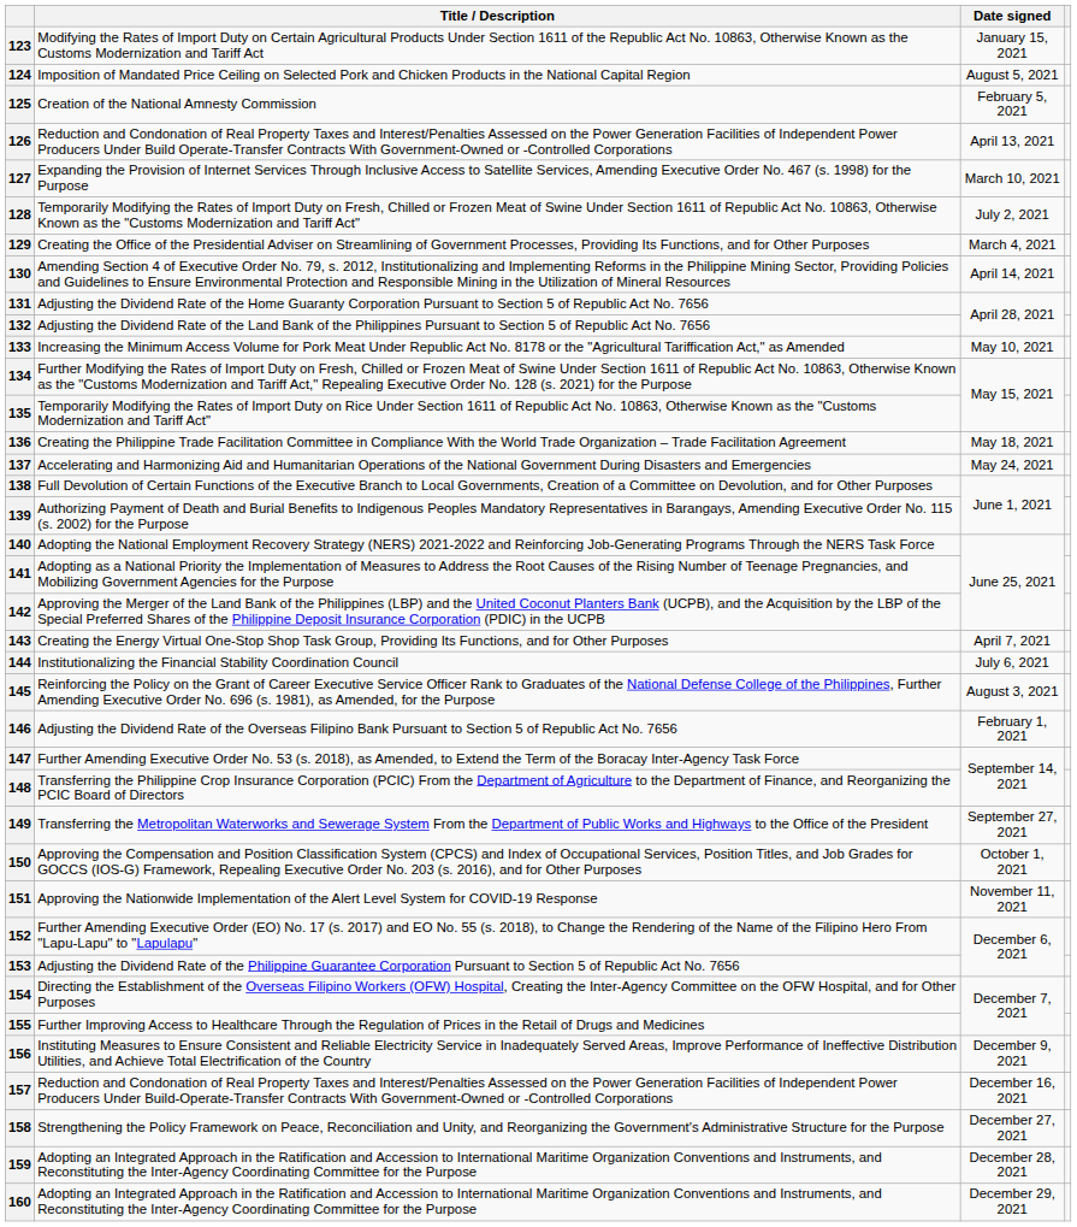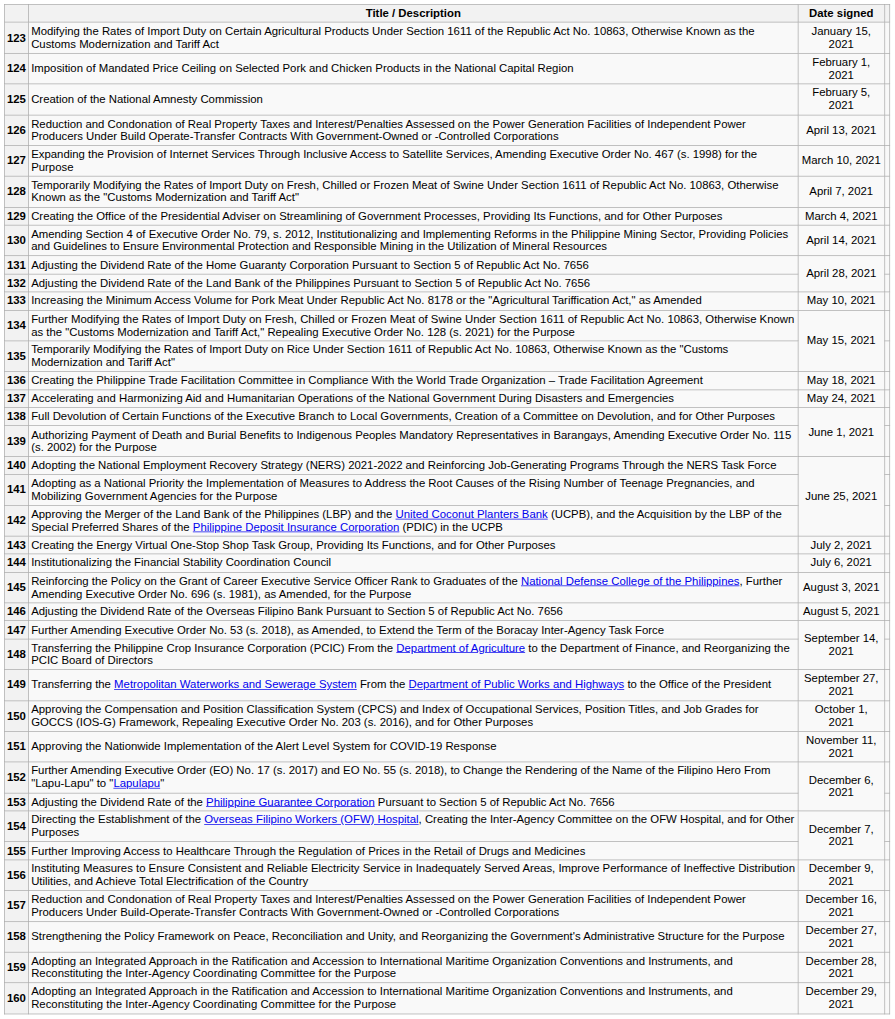 <table class="wikitable sortable" style="text-align:center;">
 <tr>
 <th scope="col"></th>
 <th scope="col">Title / Description</th>
 <th scope="col">Date signed</th>
 <th scope="col" class="unsortable"></th>
 </tr>
 <tr>
 <th scope="row">123</th>
 <td style='text-align:left;'>Modifying the Rates of Import Duty on Certain Agricultural Products Under Section 1611 of the Republic Act No. 10863, Otherwise Known as the Customs Modernization and Tariff Act</td>
 <td>January 15, 2021</td>
 <td></td>
 </tr>
 <tr>
 <th scope="row">124</th>
 <td style='text-align:left;'>Imposition of Mandated Price Ceiling on Selected Pork and Chicken Products in the National Capital Region</td>
-<td>August 5, 2021</td>
+<td>February 1, 2021</td>
 <td></td>
 </tr>
 <tr>
 <th scope="row">125</th>
 <td style='text-align:left;'>Creation of the National Amnesty Commission</td>
 <td>February 5, 2021</td>
 <td></td>
 </tr>
 <tr>
 <th scope="row">126</th>
 <td style='text-align:left;'>Reduction and Condonation of Real Property Taxes and Interest/Penalties Assessed on the Power Generation Facilities of Independent Power Producers Under Build Operate-Transfer Contracts With Government-Owned or -Controlled Corporations</td>
 <td>April 13, 2021</td>
 <td></td>
 </tr>
 <tr>
 <th scope="row">127</th>
 <td style='text-align:left;'>Expanding the Provision of Internet Services Through Inclusive Access to Satellite Services, Amending Executive Order No. 467 (s. 1998) for the Purpose</td>
 <td>March 10, 2021</td>
 <td></td>
 </tr>
 <tr>
 <th scope="row">128</th>
 <td style='text-align:left;'>Temporarily Modifying the Rates of Import Duty on Fresh, Chilled or Frozen Meat of Swine Under Section 1611 of Republic Act No. 10863, Otherwise Known as the "Customs Modernization and Tariff Act"</td>
-<td>July 2, 2021</td>
+<td>April 7, 2021</td>
 <td></td>
 </tr>
 <tr>
 <th scope="row">129</th>
 <td style='text-align:left;'>Creating the Office of the Presidential Adviser on Streamlining of Government Processes, Providing Its Functions, and for Other Purposes</td>
 <td>March 4, 2021</td>
 <td></td>
 </tr>
 <tr>
 <th scope="row">130</th>
 <td style='text-align:left;'>Amending Section 4 of Executive Order No. 79, s. 2012, Institutionalizing and Implementing Reforms in the Philippine Mining Sector, Providing Policies and Guidelines to Ensure Environmental Protection and Responsible Mining in the Utilization of Mineral Resources</td>
 <td>April 14, 2021</td>
 <td></td>
 </tr>
 <tr>
 <th scope="row">131</th>
 <td style='text-align:left;'>Adjusting the Dividend Rate of the Home Guaranty Corporation Pursuant to Section 5 of Republic Act No. 7656</td>
 <td rowspan="2">April 28, 2021</td>
 <td></td>
 </tr>
 <tr>
 <th scope="row">132</th>
 <td style='text-align:left;'>Adjusting the Dividend Rate of the Land Bank of the Philippines Pursuant to Section 5 of Republic Act No. 7656</td>
 <td></td>
 </tr>
 <tr>
 <th scope="row">133</th>
 <td style='text-align:left;'>Increasing the Minimum Access Volume for Pork Meat Under Republic Act No. 8178 or the "Agricultural Tariffication Act," as Amended</td>
 <td>May 10, 2021</td>
 <td></td>
 </tr>
 <tr>
 <th scope="row">134</th>
 <td style='text-align:left;'>Further Modifying the Rates of Import Duty on Fresh, Chilled or Frozen Meat of Swine Under Section 1611 of Republic Act No. 10863, Otherwise Known as the "Customs Modernization and Tariff Act," Repealing Executive Order No. 128 (s. 2021) for the Purpose</td>
 <td rowspan="2">May 15, 2021</td>
 <td></td>
 </tr>
 <tr>
 <th scope="row">135</th>
 <td style='text-align:left;'>Temporarily Modifying the Rates of Import Duty on Rice Under Section 1611 of Republic Act No. 10863, Otherwise Known as the "Customs Modernization and Tariff Act"</td>
 <td></td>
 </tr>
 <tr>
 <th scope="row">136</th>
 <td style='text-align:left;'>Creating the Philippine Trade Facilitation Committee in Compliance With the World Trade Organization – Trade Facilitation Agreement</td>
 <td>May 18, 2021</td>
 <td></td>
 </tr>
 <tr>
 <th scope="row">137</th>
 <td style='text-align:left;'>Accelerating and Harmonizing Aid and Humanitarian Operations of the National Government During Disasters and Emergencies</td>
 <td>May 24, 2021</td>
 <td></td>
 </tr>
 <tr>
 <th scope="row">138</th>
 <td style='text-align:left;'>Full Devolution of Certain Functions of the Executive Branch to Local Governments, Creation of a Committee on Devolution, and for Other Purposes</td>
 <td rowspan="2">June 1, 2021</td>
 <td></td>
 </tr>
 <tr>
 <th scope="row">139</th>
 <td style='text-align:left;'>Authorizing Payment of Death and Burial Benefits to Indigenous Peoples Mandatory Representatives in Barangays, Amending Executive Order No. 115 (s. 2002) for the Purpose</td>
 <td></td>
 </tr>
 <tr>
 <th scope="row">140</th>
 <td style='text-align:left;'>Adopting the National Employment Recovery Strategy (NERS) 2021-2022 and Reinforcing Job-Generating Programs Through the NERS Task Force</td>
 <td rowspan="3">June 25, 2021</td>
 <td></td>
 </tr>
 <tr>
 <th scope="row">141</th>
 <td style='text-align:left;'>Adopting as a National Priority the Implementation of Measures to Address the Root Causes of the Rising Number of Teenage Pregnancies, and Mobilizing Government Agencies for the Purpose</td>
 <td></td>
 </tr>
 <tr>
 <th scope="row">142</th>
 <td style='text-align:left;'>Approving the Merger of the Land Bank of the Philippines (LBP) and the <a href='#'>United Coconut Planters Bank</a> (UCPB), and the Acquisition by the LBP of the Special Preferred Shares of the <a href='#'>Philippine Deposit Insurance Corporation</a> (PDIC) in the UCPB</td>
 <td></td>
 </tr>
 <tr>
 <th scope="row">143</th>
 <td style='text-align:left;'>Creating the Energy Virtual One-Stop Shop Task Group, Providing Its Functions, and for Other Purposes</td>
-<td>April 7, 2021</td>
+<td>July 2, 2021</td>
 <td></td>
 </tr>
 <tr>
 <th scope="row">144</th>
 <td style='text-align:left;'>Institutionalizing the Financial Stability Coordination Council</td>
 <td>July 6, 2021</td>
 <td></td>
 </tr>
 <tr>
 <th scope="row">145</th>
 <td style='text-align:left;'>Reinforcing the Policy on the Grant of Career Executive Service Officer Rank to Graduates of the <a href='#'>National Defense College of the Philippines</a>, Further Amending Executive Order No. 696 (s. 1981), as Amended, for the Purpose</td>
 <td>August 3, 2021</td>
 <td></td>
 </tr>
 <tr>
 <th scope="row">146</th>
 <td style='text-align:left;'>Adjusting the Dividend Rate of the Overseas Filipino Bank Pursuant to Section 5 of Republic Act No. 7656</td>
-<td>February 1, 2021</td>
+<td>August 5, 2021</td>
 <td></td>
 </tr>
 <tr>
 <th scope="row">147</th>
 <td style='text-align:left;'>Further Amending Executive Order No. 53 (s. 2018), as Amended, to Extend the Term of the Boracay Inter-Agency Task Force</td>
 <td rowspan="2">September 14, 2021</td>
 <td></td>
 </tr>
 <tr>
 <th scope="row">148</th>
 <td style='text-align:left;'>Transferring the Philippine Crop Insurance Corporation (PCIC) From the <a href='#'>Department of Agriculture</a> to the Department of Finance, and Reorganizing the PCIC Board of Directors</td>
 <td></td>
 </tr>
 <tr>
 <th scope="row">149</th>
 <td style='text-align:left;'>Transferring the <a href='#'>Metropolitan Waterworks and Sewerage System</a> From the <a href='#'>Department of Public Works and Highways</a> to the Office of the President</td>
 <td>September 27, 2021</td>
 <td></td>
 </tr>
 <tr>
 <th scope="row">150</th>
 <td style='text-align:left;'>Approving the Compensation and Position Classification System (CPCS) and Index of Occupational Services, Position Titles, and Job Grades for GOCCS (IOS-G) Framework, Repealing Executive Order No. 203 (s. 2016), and for Other Purposes</td>
 <td>October 1, 2021</td>
 <td></td>
 </tr>
 <tr>
 <th scope="row">151</th>
 <td style='text-align:left;'>Approving the Nationwide Implementation of the Alert Level System for COVID-19 Response</td>
 <td>November 11, 2021</td>
 <td></td>
 </tr>
 <tr>
 <th scope="row">152</th>
 <td style='text-align:left;'>Further Amending Executive Order (EO) No. 17 (s. 2017) and EO No. 55 (s. 2018), to Change the Rendering of the Name of the Filipino Hero From "Lapu-Lapu" to "<a href='#'>Lapulapu</a>"</td>
 <td rowspan="2">December 6, 2021</td>
 <td></td>
 </tr>
 <tr>
 <th scope="row">153</th>
 <td style='text-align:left;'>Adjusting the Dividend Rate of the <a href='#'>Philippine Guarantee Corporation</a> Pursuant to Section 5 of Republic Act No. 7656</td>
 <td></td>
 </tr>
 <tr>
 <th scope="row">154</th>
 <td style='text-align:left;'>Directing the Establishment of the <a href='#'>Overseas Filipino Workers (OFW) Hospital</a>, Creating the Inter-Agency Committee on the OFW Hospital, and for Other Purposes</td>
 <td rowspan="2">December 7, 2021</td>
 <td></td>
 </tr>
 <tr>
 <th scope="row">155</th>
 <td style='text-align:left;'>Further Improving Access to Healthcare Through the Regulation of Prices in the Retail of Drugs and Medicines</td>
 <td></td>
 </tr>
 <tr>
 <th scope="row">156</th>
 <td style='text-align:left;'>Instituting Measures to Ensure Consistent and Reliable Electricity Service in Inadequately Served Areas, Improve Performance of Ineffective Distribution Utilities, and Achieve Total Electrification of the Country</td>
 <td>December 9, 2021</td>
 <td></td>
 </tr>
 <tr>
 <th scope="row">157</th>
 <td style='text-align:left;'>Reduction and Condonation of Real Property Taxes and Interest/Penalties Assessed on the Power Generation Facilities of Independent Power Producers Under Build-Operate-Transfer Contracts With Government-Owned or -Controlled Corporations</td>
 <td>December 16, 2021</td>
 <td></td>
 </tr>
 <tr>
 <th scope="row">158</th>
 <td style='text-align:left;'>Strengthening the Policy Framework on Peace, Reconciliation and Unity, and Reorganizing the Government's Administrative Structure for the Purpose</td>
 <td>December 27, 2021</td>
 <td></td>
 </tr>
 <tr>
 <th scope="row">159</th>
 <td style='text-align:left;'>Adopting an Integrated Approach in the Ratification and Accession to International Maritime Organization Conventions and Instruments, and Reconstituting the Inter-Agency Coordinating Committee for the Purpose</td>
 <td>December 28, 2021</td>
 <td></td>
 </tr>
 <tr>
 <th scope="row">160</th>
 <td style='text-align:left;'>Adopting an Integrated Approach in the Ratification and Accession to International Maritime Organization Conventions and Instruments, and Reconstituting the Inter-Agency Coordinating Committee for the Purpose</td>
 <td>December 29, 2021</td>
 <td></td>
 </tr>
 </table>
